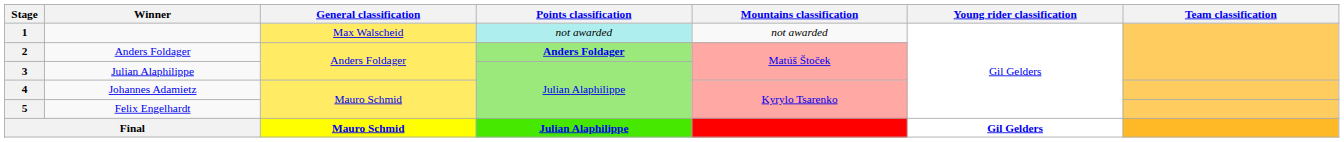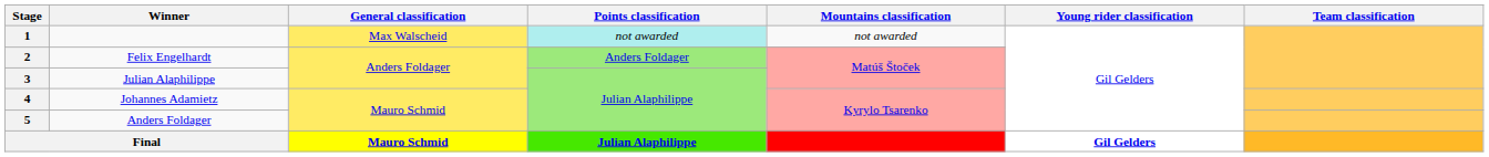 <table class="wikitable" style="text-align: center; font-size:smaller;">
 <tr>
 <th scope="col" style="width:2%;">Stage</th>
 <th scope="col" style="width:12.25%;">Winner</th>
 <th scope="col" style="width:12.25%;"><a href='#'>General classification</a><br></th>
 <th scope="col" style="width:12.25%;"><a href='#'>Points classification</a><br></th>
 <th scope="col" style="width:12.25%;"><a href='#'>Mountains classification</a><br></th>
 <th scope="col" style="width:12.25%;"><a href='#'>Young rider classification</a><br></th>
 <th scope="col" style="width:12.25%;"><a href='#'>Team classification</a></th>
 </tr>
 <tr>
 <th>1</th>
 <td></td>
 <td style="background:#FFEB64;"><a href='#'>Max Walscheid</a></td>
 <td style="background: paleturquoise;"><em>not awarded</em></td>
 <td><em>not awarded</em></td>
 <td style="background:white;" rowspan="5"><a href='#'>Gil Gelders</a></td>
 <td style="background:#FFCD5F;" rowspan="3"></td>
 </tr>
 <tr>
 <th>2</th>
-<td><a href='#'>Anders Foldager</a></td>
+<td><a href='#'>Felix Engelhardt</a></td>
 <td style="background:#FFEB64;" rowspan="2"><a href='#'>Anders Foldager</a></td>
-<td style="background:#9CE97B;"><strong><a href='#'>Anders Foldager</a></strong></td>
+<td style="background:#9CE97B;"><a href='#'>Anders Foldager</a></td>
 <td style="background:#FFA8A4;" rowspan="2"><a href='#'>Matúš Štoček</a></td>
 </tr>
 <tr>
 <th>3</th>
 <td><a href='#'>Julian Alaphilippe</a></td>
 <td style="background:#9CE97B;" rowspan="3"><a href='#'>Julian Alaphilippe</a></td>
 </tr>
 <tr>
 <th>4</th>
 <td><a href='#'>Johannes Adamietz</a></td>
 <td style="background:#FFEB64;" rowspan="2"><a href='#'>Mauro Schmid</a></td>
 <td style="background:#FFA8A4;" rowspan="2"><a href='#'>Kyrylo Tsarenko</a></td>
 <td style="background:#FFCD5F;"></td>
 </tr>
 <tr>
 <th>5</th>
-<td><a href='#'>Felix Engelhardt</a></td>
+<td><a href='#'>Anders Foldager</a></td>
 <td style="background:#FFCD5F;"></td>
 </tr>
 <tr>
 <th colspan="2">Final</th>
 <th style="background:yellow;"><a href='#'>Mauro Schmid</a></th>
 <th style="background:#46E800;"><a href='#'>Julian Alaphilippe</a></th>
 <th style="background:red;"></th>
 <th style="background:white;"><a href='#'>Gil Gelders</a></th>
 <th style="background:#FFB927;"></th>
 </tr>
 </table>
